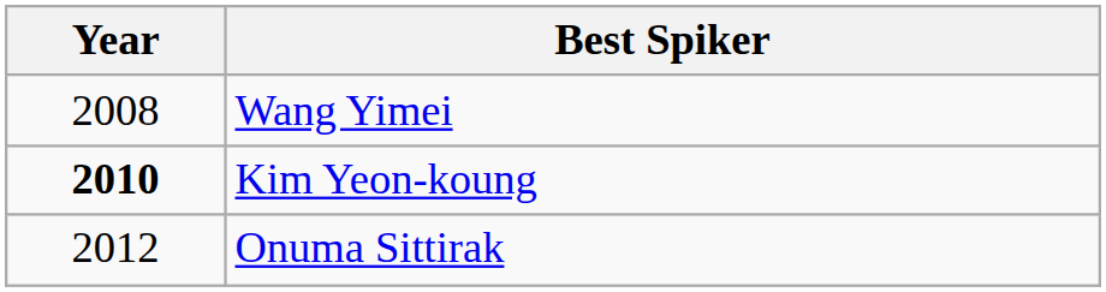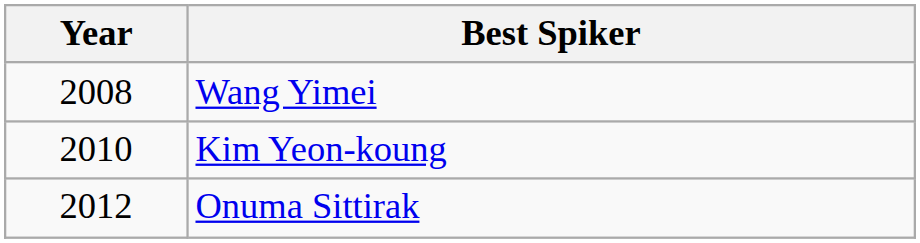 <table class="wikitable" style="width: 400px;">
 <tr>
 <th style="width: 20%;">Year</th>
 <th style="width: 80%;">Best Spiker</th>
 </tr>
 <tr>
 <td align=center>2008</td>
 <td> <a href='#'>Wang Yimei</a></td>
 </tr>
 <tr>
-<td align=center><strong>2010</strong></td>
+<td align=center>2010</td>
 <td> <a href='#'>Kim Yeon-koung</a></td>
 </tr>
 <tr>
 <td align=center>2012</td>
 <td> <a href='#'>Onuma Sittirak</a></td>
 </tr>
 </table>
